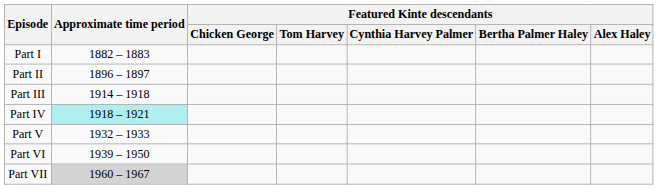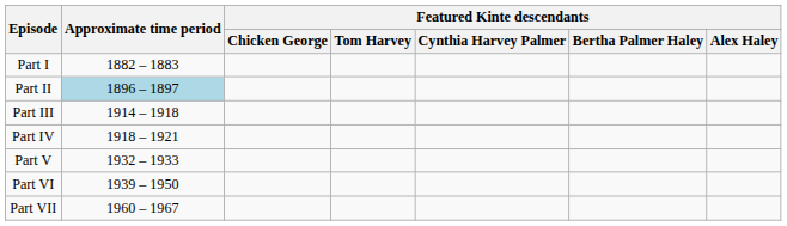 <table class="wikitable" style="font-size:90%;">
 <tr>
 <th rowspan=2>Episode</th>
 <th rowspan=2>Approximate time period</th>
 <th colspan=8>Featured Kinte descendants</th>
 </tr>
 <tr>
 <th>Chicken George</th>
 <th>Tom Harvey</th>
 <th>Cynthia Harvey Palmer</th>
 <th>Bertha Palmer Haley</th>
 <th>Alex Haley</th>
 </tr>
 <tr align="center">
 <td>Part I</td>
 <td>1882 – 1883</td>
 <td></td>
 <td></td>
 <td></td>
 <td></td>
 <td></td>
 </tr>
 <tr align="center">
 <td>Part II</td>
-<td>1896 – 1897</td>
+<td style="background: lightblue;">1896 – 1897</td>
 <td></td>
 <td></td>
 <td></td>
 <td></td>
 <td></td>
 </tr>
 <tr align="center">
 <td>Part III</td>
 <td>1914 – 1918</td>
 <td></td>
 <td></td>
 <td></td>
 <td></td>
 <td></td>
 </tr>
 <tr align="center">
 <td>Part IV</td>
-<td style="background: paleturquoise;">1918 – 1921</td>
+<td>1918 – 1921</td>
 <td></td>
 <td></td>
 <td></td>
 <td></td>
 <td></td>
 </tr>
 <tr align="center">
 <td>Part V</td>
 <td>1932  – 1933</td>
 <td></td>
 <td></td>
 <td></td>
 <td></td>
 <td></td>
 </tr>
 <tr align="center">
 <td>Part VI</td>
 <td>1939 – 1950</td>
 <td></td>
 <td></td>
 <td></td>
 <td></td>
 <td></td>
 </tr>
 <tr align="center">
 <td>Part VII</td>
-<td style="background: lightgrey;">1960 – 1967</td>
+<td>1960 – 1967</td>
 <td></td>
 <td></td>
 <td></td>
 <td></td>
 <td></td>
 </tr>
 </table>
